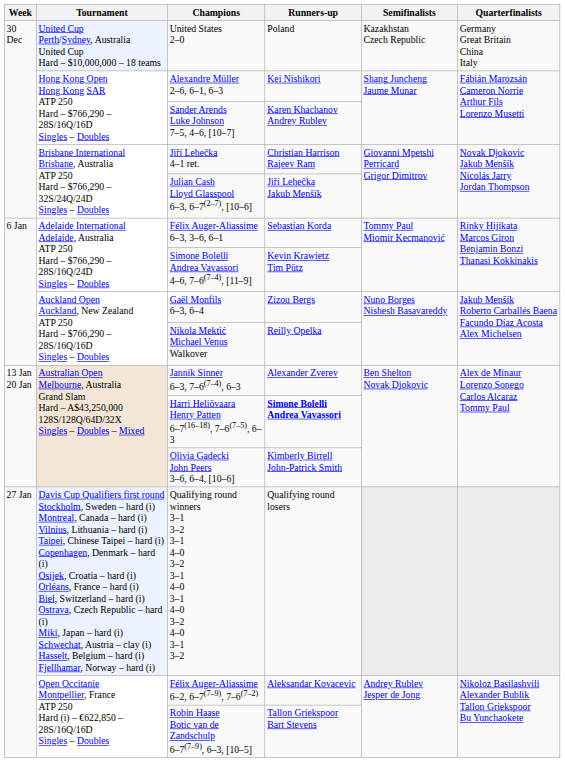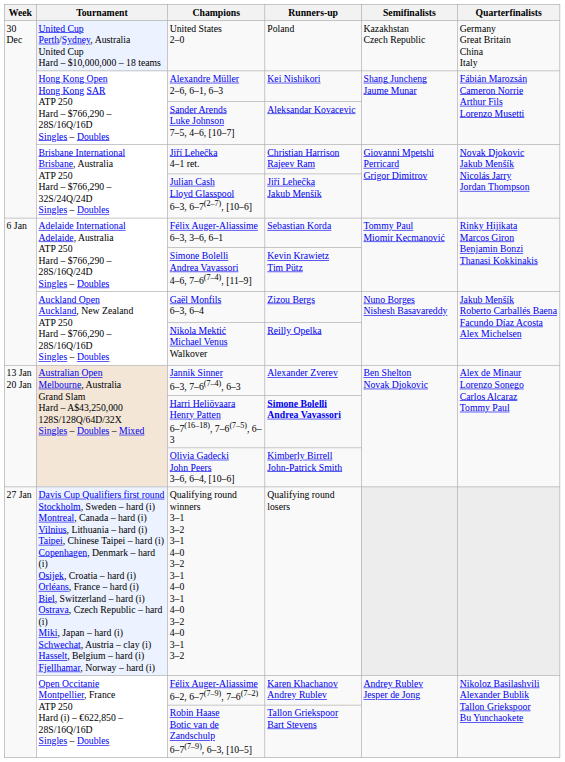 <table class=wikitable style=font-size:95%>
 <tr>
 <th style="width:48px;">Week</th>
 <th style="width:250px;">Tournament</th>
 <th style="width:200px;">Champions</th>
 <th style="width:200px;">Runners-up</th>
 <th style="width:190px;">Semifinalists</th>
 <th style="width:190px;">Quarterfinalists</th>
 </tr>
 <tr style="vertical-align:top">
 <td rowspan=5>30 Dec</td>
 <td style="background:#ecf2ff;"><a href='#'>United Cup</a><br><a href='#'>Perth</a>/<a href='#'>Sydney</a>, Australia<br>United Cup<br>Hard – $10,000,000 – 18 teams</td>
 <td> United States<br>2–0</td>
 <td> Poland</td>
 <td> Kazakhstan <br>  Czech Republic</td>
 <td> Germany<br>  Great Britain<br> China<br> Italy</td>
 </tr>
 <tr style="vertical-align:top">
 <td style="background:#fff;" rowspan=2><a href='#'>Hong Kong Open</a><br><a href='#'>Hong Kong</a> <a href='#'>SAR</a><br>ATP 250<br>Hard – $766,290 – 28S/16Q/16D<br><a href='#'>Singles</a> – <a href='#'>Doubles</a></td>
 <td> <a href='#'>Alexandre Müller</a> <br> 2–6, 6–1, 6–3</td>
 <td> <a href='#'>Kei Nishikori</a></td>
 <td rowspan=2> <a href='#'>Shang Juncheng</a> <br>  <a href='#'>Jaume Munar</a></td>
 <td rowspan=2> <a href='#'>Fábián Marozsán</a> <br>  <a href='#'>Cameron Norrie</a> <br>  <a href='#'>Arthur Fils</a> <br>  <a href='#'>Lorenzo Musetti</a></td>
 </tr>
 <tr style="vertical-align:top">
 <td> <a href='#'>Sander Arends</a><br> <a href='#'>Luke Johnson</a><br> 7–5, 4–6, [10–7]</td>
-<td> <a href='#'>Karen Khachanov</a><br> <a href='#'>Andrey Rublev</a></td>
+<td> <a href='#'>Aleksandar Kovacevic</a></td>
 </tr>
 <tr style="vertical-align:top">
 <td style="background:#fff;" rowspan=2><a href='#'>Brisbane International</a><br><a href='#'>Brisbane</a>, Australia<br>ATP 250<br>Hard – $766,290 – 32S/24Q/24D<br><a href='#'>Singles</a> – <a href='#'>Doubles</a></td>
 <td> <a href='#'>Jiří Lehečka</a> <br> 4–1 ret.</td>
 <td> <a href='#'>Christian Harrison</a><br> <a href='#'>Rajeev Ram</a></td>
 <td rowspan=2> <a href='#'>Giovanni Mpetshi Perricard</a> <br>  <a href='#'>Grigor Dimitrov</a></td>
 <td rowspan=2> <a href='#'>Novak Djokovic</a> <br>  <a href='#'>Jakub Menšík</a> <br>  <a href='#'>Nicolás Jarry</a> <br>  <a href='#'>Jordan Thompson</a></td>
 </tr>
 <tr style="vertical-align:top">
 <td> <a href='#'>Julian Cash</a><br> <a href='#'>Lloyd Glasspool</a><br> 6–3, 6–7<sup>(2–7)</sup>, [10–6]</td>
 <td> <a href='#'>Jiří Lehečka</a><br> <a href='#'>Jakub Menšík</a></td>
 </tr>
 <tr style="vertical-align:top">
 <td rowspan=4>6 Jan</td>
 <td rowspan=2 style="background:#fff;"><a href='#'>Adelaide International</a><br><a href='#'>Adelaide</a>, Australia<br>ATP 250<br>Hard – $766,290 – 28S/16Q/24D<br><a href='#'>Singles</a> – <a href='#'>Doubles</a></td>
 <td> <a href='#'>Félix Auger-Aliassime</a> <br> 6–3, 3–6, 6–1</td>
 <td> <a href='#'>Sebastian Korda</a></td>
 <td rowspan=2> <a href='#'>Tommy Paul</a> <br>  <a href='#'>Miomir Kecmanović</a></td>
 <td rowspan=2> <a href='#'>Rinky Hijikata</a> <br>  <a href='#'>Marcos Giron</a> <br>  <a href='#'>Benjamin Bonzi</a> <br>  <a href='#'>Thanasi Kokkinakis</a></td>
 </tr>
 <tr style="vertical-align:top">
 <td> <a href='#'>Simone Bolelli</a> <br>  <a href='#'>Andrea Vavassori</a> <br> 4–6, 7–6<sup>(7–4)</sup>, [11–9]</td>
 <td> <a href='#'>Kevin Krawietz</a> <br>  <a href='#'>Tim Pütz</a></td>
 </tr>
 <tr style="vertical-align:top">
 <td rowspan=2 style="background:#fff;"><a href='#'>Auckland Open</a><br><a href='#'>Auckland</a>, New Zealand<br>ATP 250<br>Hard – $766,290 – 28S/16Q/16D<br> <a href='#'>Singles</a> – <a href='#'>Doubles</a></td>
 <td> <a href='#'>Gaël Monfils</a> <br> 6–3, 6–4</td>
 <td> <a href='#'>Zizou Bergs</a></td>
 <td rowspan=2> <a href='#'>Nuno Borges</a> <br>  <a href='#'>Nishesh Basavareddy</a></td>
 <td rowspan=2> <a href='#'>Jakub Menšík</a> <br>  <a href='#'>Roberto Carballés Baena</a> <br>  <a href='#'>Facundo Díaz Acosta</a> <br>  <a href='#'>Alex Michelsen</a></td>
 </tr>
 <tr style="vertical-align:top">
 <td> <a href='#'>Nikola Mektić</a><br> <a href='#'>Michael Venus</a><br> Walkover</td>
 <td> <a href='#'>Reilly Opelka</a></td>
 </tr>
 <tr style="vertical-align:top">
 <td rowspan=3>13 Jan<br>20 Jan</td>
 <td style="background:#f3e6d7;" rowspan=3><a href='#'>Australian Open</a><br><a href='#'>Melbourne</a>, Australia<br>Grand Slam<br>Hard – A$43,250,000<br>128S/128Q/64D/32X<br><a href='#'>Singles</a> – <a href='#'>Doubles</a> – <a href='#'>Mixed</a></td>
 <td> <a href='#'>Jannik Sinner</a> <br> 6–3, 7–6<sup>(7–4)</sup>, 6–3</td>
 <td> <a href='#'>Alexander Zverev</a></td>
 <td rowspan=3> <a href='#'>Ben Shelton</a><br> <a href='#'>Novak Djokovic</a></td>
 <td rowspan=3> <a href='#'>Alex de Minaur</a> <br>  <a href='#'>Lorenzo Sonego</a> <br>  <a href='#'>Carlos Alcaraz</a> <br>  <a href='#'>Tommy Paul</a></td>
 </tr>
 <tr style="vertical-align:top">
 <td> <a href='#'>Harri Heliövaara</a> <br>  <a href='#'>Henry Patten</a> <br> 6–7<sup>(16–18)</sup>, 7–6<sup>(7–5)</sup>, 6–3</td>
 <td><strong> <a href='#'>Simone Bolelli</a> <br>  <a href='#'>Andrea Vavassori</a></strong></td>
 </tr>
 <tr style="vertical-align:top">
 <td> <a href='#'>Olivia Gadecki</a> <br>  <a href='#'>John Peers</a> <br> 3–6, 6–4, [10–6]</td>
 <td> <a href='#'>Kimberly Birrell</a> <br>  <a href='#'>John-Patrick Smith</a></td>
 </tr>
 <tr style="vertical-align:top">
 <td rowspan=3>27 Jan</td>
 <td style="background:#ECF2FF;"><a href='#'>Davis Cup Qualifiers first round</a> <br> <a href='#'>Stockholm</a>, Sweden – hard (i) <br> <a href='#'>Montreal</a>, Canada – hard (i) <br> <a href='#'>Vilnius</a>, Lithuania – hard (i) <br> <a href='#'>Taipei</a>, Chinese Taipei – hard (i) <br> <a href='#'>Copenhagen</a>, Denmark – hard (i) <br> <a href='#'>Osijek</a>, Croatia – hard (i) <br> <a href='#'>Orléans</a>, France – hard (i) <br> <a href='#'>Biel</a>, Switzerland – hard (i) <br> <a href='#'>Ostrava</a>, Czech Republic – hard (i) <br> <a href='#'>Miki</a>, Japan – hard (i) <br> <a href='#'>Schwechat</a>, Austria – clay (i) <br> <a href='#'>Hasselt</a>, Belgium – hard (i) <br> <a href='#'>Fjellhamar</a>, Norway – hard (i)</td>
 <td>Qualifying round winners <br>  3–1 <br>  3–2 <br>  3–1 <br>  4–0 <br>  3–2 <br>  3–1 <br>  4–0 <br>  3–1 <br>  4–0 <br>  3–2 <br>  4–0 <br>  3–1 <br>  3–2</td>
 <td>Qualifying round losers <br>  <br>  <br>  <br>  <br>  <br>  <br>  <br>  <br>  <br>  <br>  <br>  <br> </td>
 <td style="background:#ededed;"></td>
 <td style="background:#ededed;"></td>
 </tr>
 <tr style="vertical-align:top">
 <td rowspan=2 style="background:#fff;"><a href='#'>Open Occitanie</a><br><a href='#'>Montpellier</a>, France<br>ATP 250<br>Hard (i) – €622,850 – 28S/16Q/16D<br><a href='#'>Singles</a> – <a href='#'>Doubles</a></td>
 <td> <a href='#'>Félix Auger-Aliassime</a> <br> 6–2, 6–7<sup>(7–9)</sup>, 7–6<sup>(7–2)</sup></td>
-<td> <a href='#'>Aleksandar Kovacevic</a></td>
+<td> <a href='#'>Karen Khachanov</a><br> <a href='#'>Andrey Rublev</a></td>
 <td rowspan=2> <a href='#'>Andrey Rublev</a> <br> <a href='#'>Jesper de Jong</a></td>
 <td rowspan=2> <a href='#'>Nikoloz Basilashvili</a> <br> <a href='#'>Alexander Bublik</a> <br> <a href='#'>Tallon Griekspoor</a><br> <a href='#'>Bu Yunchaokete</a></td>
 </tr>
 <tr style="vertical-align:top">
 <td> <a href='#'>Robin Haase</a> <br>  <a href='#'>Botic van de Zandschulp</a><br> 6–7<sup>(7–9)</sup>, 6–3, [10–5]</td>
 <td> <a href='#'>Tallon Griekspoor</a> <br>  <a href='#'>Bart Stevens</a></td>
 </tr>
 </table>
